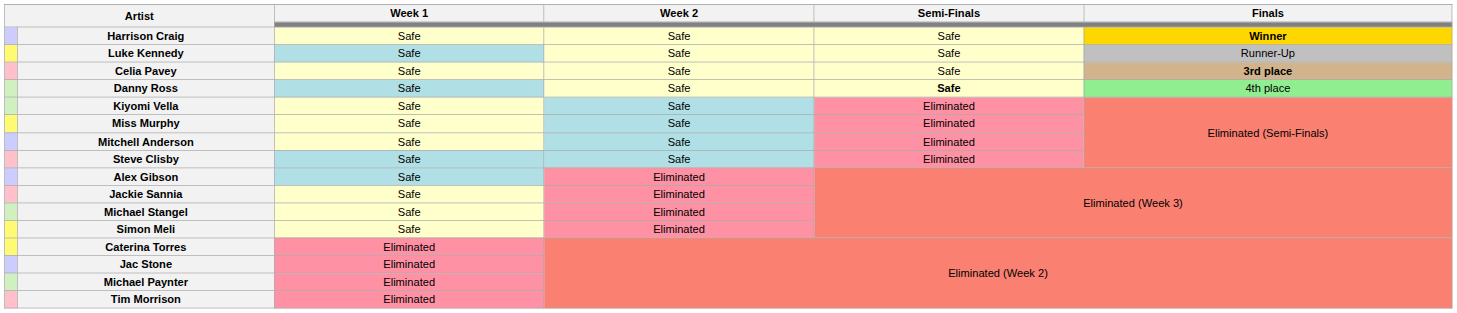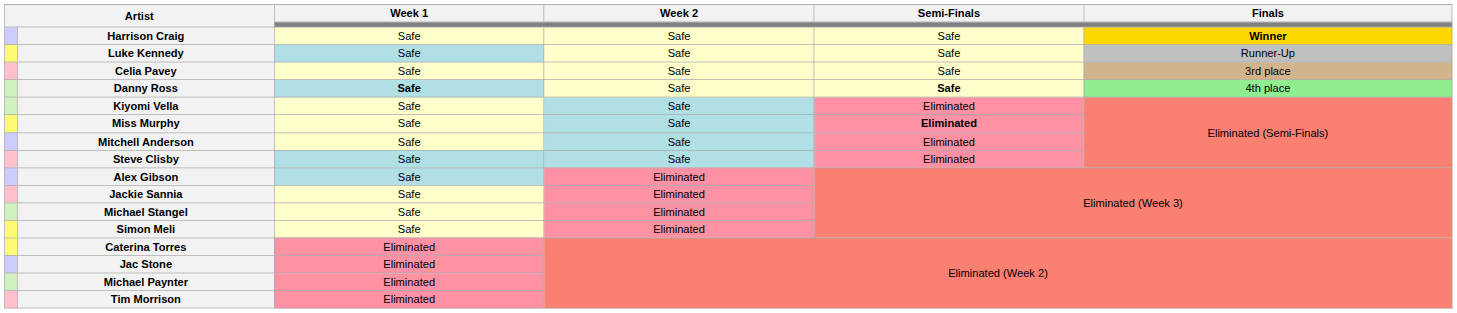 <table class="wikitable"  style="text-align:center; font-size:95%; width:100%;">
 <tr>
 </tr>
 <tr>
 <th style="width:11%;" rowspan="2" colspan="2">Artist</th>
 <th style="width:11%;">Week 1</th>
 <th style="width:11%;">Week 2</th>
 <th style="width:11%;">Semi-Finals</th>
 <th style="width:15%;">Finals</th>
 </tr>
 <tr>
 <th colspan="9" style="background:gray;"></th>
 </tr>
 <tr>
 <th style="background:#ccf;"></th>
 <th>Harrison Craig</th>
 <td style="background:#ffc;">Safe</td>
 <td style="background:#ffc;">Safe</td>
 <td style="background:#ffc;">Safe</td>
 <th style="background:gold;">Winner</th>
 </tr>
 <tr>
 <th style="background:#fffa73;"></th>
 <th>Luke Kennedy</th>
 <td style="background:#B0E0E6;">Safe</td>
 <td style="background:#ffc;">Safe</td>
 <td style="background:#ffc;">Safe</td>
 <td style="background:silver;">Runner-Up</td>
 </tr>
 <tr>
 <th style="background:pink;"></th>
 <th>Celia Pavey</th>
 <td style="background:#ffc;">Safe</td>
 <td style="background:#ffc;">Safe</td>
 <td style="background:#ffc;">Safe</td>
-<td style="background:tan;"><strong>3rd place</strong></td>
+<td style="background:tan;">3rd place</td>
 </tr>
 <tr>
 <th style="background:#d0f0c0;"></th>
 <th>Danny Ross</th>
-<td style="background:#B0E0E6;">Safe</td>
+<td style="background:#B0E0E6;"><strong>Safe</strong></td>
 <td style="background:#ffc;">Safe</td>
 <td style="background:#ffc;"><strong>Safe</strong></td>
 <td style="background:lightgreen;">4th place</td>
 </tr>
 <tr>
 <th style="background:#d0f0c0;"></th>
 <th>Kiyomi Vella</th>
 <td style="background:#ffc;">Safe</td>
 <td style="background:#B0E0E6;">Safe</td>
 <td style="background:#FF91A4;">Eliminated</td>
 <td rowspan="4" colspan="6" style="background:salmon;">Eliminated (Semi-Finals)</td>
 </tr>
 <tr>
 <th style="background:#fffa73;"></th>
 <th>Miss Murphy</th>
 <td style="background:#ffc;">Safe</td>
 <td style="background:#B0E0E6;">Safe</td>
-<td style="background:#FF91A4;">Eliminated</td>
+<td style="background:#FF91A4;"><strong>Eliminated</strong></td>
 </tr>
 <tr>
 <th style="background:#ccf;"></th>
 <th>Mitchell Anderson</th>
 <td style="background:#ffc;">Safe</td>
 <td style="background:#B0E0E6;">Safe</td>
 <td style="background:#FF91A4;">Eliminated</td>
 </tr>
 <tr>
 <th style="background:pink;"></th>
 <th>Steve Clisby</th>
 <td style="background:#B0E0E6;">Safe</td>
 <td style="background:#B0E0E6;">Safe</td>
 <td style="background:#FF91A4;">Eliminated</td>
 </tr>
 <tr>
 <th style="background:#ccf;"></th>
 <th>Alex Gibson</th>
 <td style="background:#B0E0E6;">Safe</td>
 <td style="background:#FF91A4;">Eliminated</td>
 <td rowspan="4" colspan="6" style="background:salmon;">Eliminated (Week 3)</td>
 </tr>
 <tr>
 <th style="background:pink;"></th>
 <th>Jackie Sannia</th>
 <td style="background:#ffc;">Safe</td>
 <td style="background:#FF91A4;">Eliminated</td>
 </tr>
 <tr>
 <th style="background:#d0f0c0;"></th>
 <th>Michael Stangel</th>
 <td style="background:#ffc;">Safe</td>
 <td style="background:#FF91A4;">Eliminated</td>
 </tr>
 <tr>
 <th style="background:#fffa73;"></th>
 <th>Simon Meli</th>
 <td style="background:#ffc;">Safe</td>
 <td style="background:#FF91A4;">Eliminated</td>
 </tr>
 <tr>
 <th style="background:#fffa73;"></th>
 <th>Caterina Torres</th>
 <td style="background:#FF91A4;">Eliminated</td>
 <td rowspan="4" colspan="6" style="background:salmon;">Eliminated (Week 2)</td>
 </tr>
 <tr>
 <th style="background:#ccf;"></th>
 <th>Jac Stone</th>
 <td style="background:#FF91A4;">Eliminated</td>
 </tr>
 <tr>
 <th style="background:#d0f0c0;"></th>
 <th>Michael Paynter</th>
 <td style="background:#FF91A4;">Eliminated</td>
 </tr>
 <tr>
 <th style="background:pink;"></th>
 <th>Tim Morrison</th>
 <td style="background:#FF91A4;">Eliminated</td>
 </tr>
 </table>
